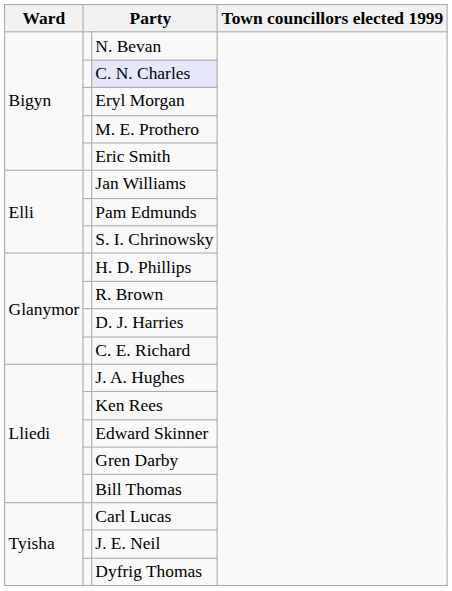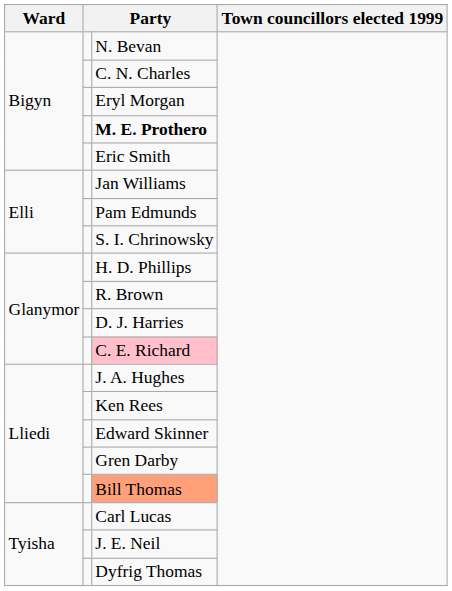 <table class="wikitable">
 <tr>
 <th>Ward</th>
 <th colspan="2">Party</th>
 <th>Town councillors elected 1999</th>
 </tr>
 <tr>
 <td rowspan="5">Bigyn</td>
 <td></td>
 <td>N. Bevan</td>
 </tr>
 <tr>
 <td></td>
-<td style="background: lavender;">C. N. Charles</td>
+<td>C. N. Charles</td>
 </tr>
 <tr>
 <td></td>
 <td>Eryl Morgan</td>
 </tr>
 <tr>
 <td></td>
-<td>M. E. Prothero</td>
+<td><strong>M. E. Prothero</strong></td>
 </tr>
 <tr>
 <td></td>
 <td>Eric Smith</td>
 </tr>
 <tr>
 <td rowspan="3">Elli</td>
 <td></td>
 <td>Jan Williams</td>
 </tr>
 <tr>
 <td></td>
 <td>Pam Edmunds</td>
 </tr>
 <tr>
 <td></td>
 <td>S. I. Chrinowsky</td>
 </tr>
 <tr>
 <td rowspan="4">Glanymor</td>
 <td></td>
 <td>H. D. Phillips</td>
 </tr>
 <tr>
 <td></td>
 <td>R. Brown</td>
 </tr>
 <tr>
 <td></td>
 <td>D. J. Harries</td>
 </tr>
 <tr>
 <td></td>
-<td>C. E. Richard</td>
+<td style="background: pink;">C. E. Richard</td>
 </tr>
 <tr>
 <td rowspan="5">Lliedi</td>
 <td></td>
 <td>J. A. Hughes</td>
 </tr>
 <tr>
 <td></td>
 <td>Ken Rees</td>
 </tr>
 <tr>
 <td></td>
 <td>Edward Skinner</td>
 </tr>
 <tr>
 <td></td>
 <td>Gren Darby</td>
 </tr>
 <tr>
 <td></td>
-<td>Bill Thomas</td>
+<td style="background: lightsalmon;">Bill Thomas</td>
 </tr>
 <tr>
 <td rowspan="3">Tyisha</td>
 <td></td>
 <td>Carl Lucas</td>
 </tr>
 <tr>
 <td></td>
 <td>J. E. Neil</td>
 </tr>
 <tr>
 <td></td>
 <td>Dyfrig Thomas</td>
 </tr>
 </table>
